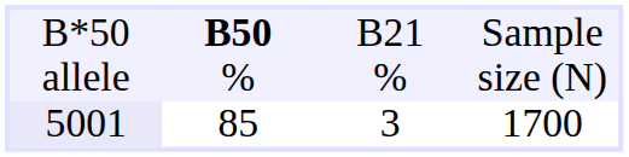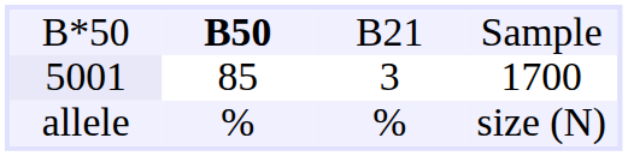 <table border="0" cellspacing="0" cellpadding="0" style="text-align:center; background:#ffffff; margin-right: 1em; border:2px #e0e0ff solid;">
 <tr style="background:#f0f0ff">
 <td style="width:60px">B*50</td>
 <td style="width:60px"><strong>B50</strong></td>
 <td style="width:60px">B21</td>
 <td style="width:60px">Sample</td>
 </tr>
+<tr>
+<td style = "background:#e8e8f8">5001</td>
+<td>85</td>
+<td>3</td>
+<td>1700</td>
+</tr>
 <tr style="background:#f0f0ff">
 <td>allele</td>
 <td>%</td>
 <td>%</td>
 <td>size (N)</td>
 </tr>
-<tr>
-<td style = "background:#e8e8f8">5001</td>
-<td>85</td>
-<td>3</td>
-<td>1700</td>
-</tr>
 </table>
